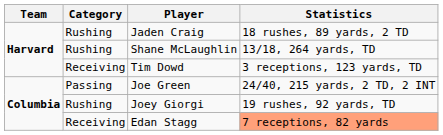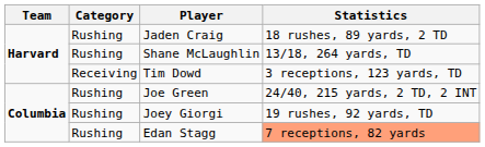 <table class="wikitable" style="float: right;">
 <tr>
 <th>Team</th>
 <th>Category</th>
 <th>Player</th>
 <th>Statistics</th>
 </tr>
 <tr>
 <td rowspan=3><strong>Harvard</strong></td>
 <td>Rushing</td>
 <td>Jaden Craig</td>
 <td>18 rushes, 89 yards, 2 TD</td>
 </tr>
 <tr>
 <td>Rushing</td>
 <td>Shane McLaughlin</td>
 <td>13/18, 264 yards, TD</td>
 </tr>
 <tr>
 <td>Receiving</td>
 <td>Tim Dowd</td>
 <td>3 receptions, 123 yards, TD</td>
 </tr>
 <tr>
 <td rowspan=3><strong>Columbia</strong></td>
-<td>Passing</td>
+<td>Rushing</td>
 <td>Joe Green</td>
 <td>24/40, 215 yards, 2 TD, 2 INT</td>
 </tr>
 <tr>
 <td>Rushing</td>
 <td>Joey Giorgi</td>
 <td>19 rushes, 92 yards, TD</td>
 </tr>
 <tr>
-<td>Receiving</td>
+<td>Rushing</td>
 <td>Edan Stagg</td>
 <td style="background: lightsalmon;">7 receptions, 82 yards</td>
 </tr>
 </table>
